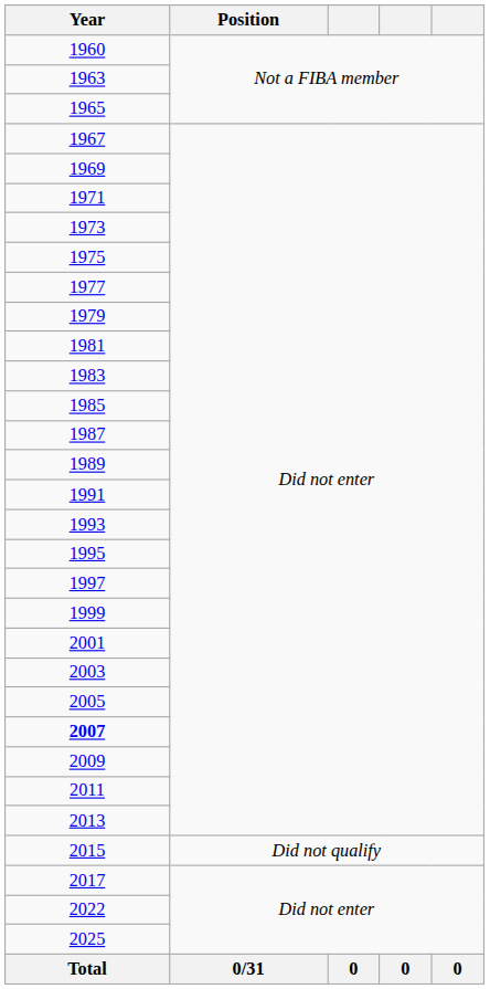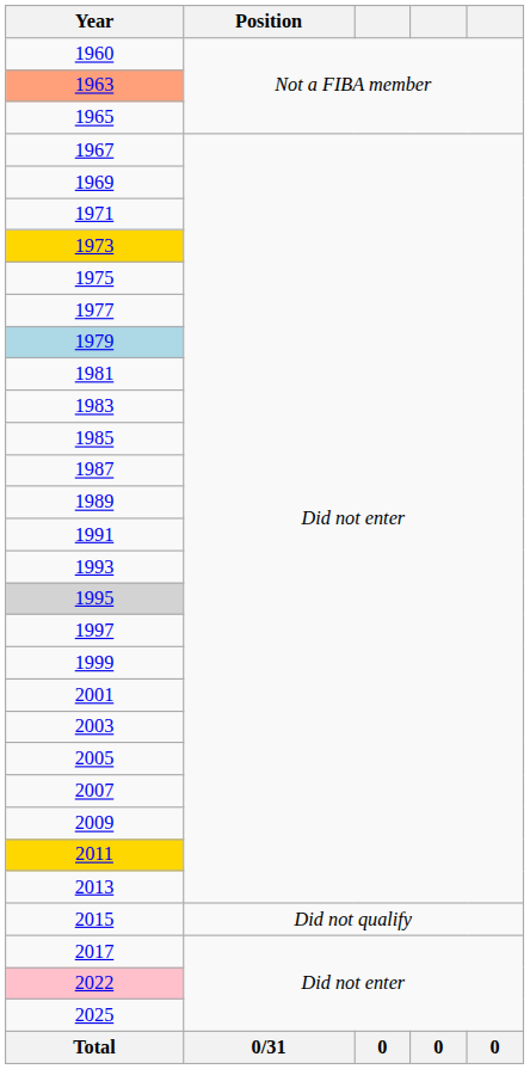 <table class="wikitable" style="text-align: center;font-size:90%;">
 <tr>
 <th width=125>Year</th>
 <th width=120>Position</th>
 <th width=35></th>
 <th width=35></th>
 <th width=35></th>
 </tr>
 <tr>
 <td> <a href='#'>1960</a></td>
 <td rowspan=3 colspan=4><em>Not a FIBA member</em></td>
 </tr>
 <tr>
-<td> <a href='#'>1963</a></td>
+<td style="background: lightsalmon;"> <a href='#'>1963</a></td>
 </tr>
 <tr>
 <td> <a href='#'>1965</a></td>
 </tr>
 <tr>
 <td> <a href='#'>1967</a></td>
 <td rowspan=24 colspan=4><em>Did not enter</em></td>
 </tr>
 <tr>
 <td> <a href='#'>1969</a></td>
 </tr>
 <tr>
 <td> <a href='#'>1971</a></td>
 </tr>
 <tr>
-<td> <a href='#'>1973</a></td>
+<td style="background: gold;"> <a href='#'>1973</a></td>
 </tr>
 <tr>
 <td> <a href='#'>1975</a></td>
 </tr>
 <tr>
 <td> <a href='#'>1977</a></td>
 </tr>
 <tr>
-<td> <a href='#'>1979</a></td>
+<td style="background: lightblue;"> <a href='#'>1979</a></td>
 </tr>
 <tr>
 <td> <a href='#'>1981</a></td>
 </tr>
 <tr>
 <td> <a href='#'>1983</a></td>
 </tr>
 <tr>
 <td> <a href='#'>1985</a></td>
 </tr>
 <tr>
 <td> <a href='#'>1987</a></td>
 </tr>
 <tr>
 <td> <a href='#'>1989</a></td>
 </tr>
 <tr>
 <td> <a href='#'>1991</a></td>
 </tr>
 <tr>
 <td> <a href='#'>1993</a></td>
 </tr>
 <tr>
-<td> <a href='#'>1995</a></td>
+<td style="background: lightgrey;"> <a href='#'>1995</a></td>
 </tr>
 <tr>
 <td> <a href='#'>1997</a></td>
 </tr>
 <tr>
 <td> <a href='#'>1999</a></td>
 </tr>
 <tr>
 <td> <a href='#'>2001</a></td>
 </tr>
 <tr>
 <td> <a href='#'>2003</a></td>
 </tr>
 <tr>
 <td> <a href='#'>2005</a></td>
 </tr>
 <tr>
-<td><strong> <a href='#'>2007</a></strong></td>
+<td> <a href='#'>2007</a></td>
 </tr>
 <tr>
 <td> <a href='#'>2009</a></td>
 </tr>
 <tr>
-<td> <a href='#'>2011</a></td>
+<td style="background: gold;"> <a href='#'>2011</a></td>
 </tr>
 <tr>
 <td> <a href='#'>2013</a></td>
 </tr>
 <tr>
 <td> <a href='#'>2015</a></td>
 <td colspan=4><em>Did not qualify</em></td>
 </tr>
 <tr>
 <td> <a href='#'>2017</a></td>
 <td rowspan=3 colspan=4><em>Did not enter</em></td>
 </tr>
 <tr>
-<td> <a href='#'>2022</a></td>
+<td style="background: pink;"> <a href='#'>2022</a></td>
 </tr>
 <tr>
 <td> <a href='#'>2025</a></td>
 </tr>
 <tr>
 <th>Total</th>
 <th>0/31</th>
 <th>0</th>
 <th>0</th>
 <th>0</th>
 </tr>
 </table>
